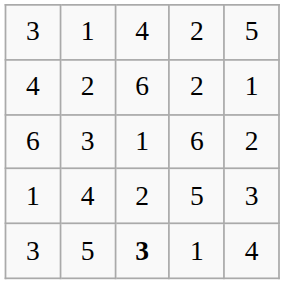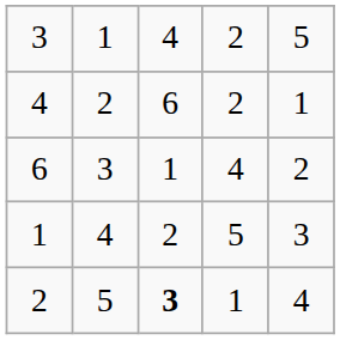 <table class="wikitable" style="margin-left:auto;margin-right:auto;text-align:center;width:10em;height:10em;table-layout:fixed;">
 <tr>
 <td>3</td>
 <td>1</td>
 <td>4</td>
 <td>2</td>
 <td>5</td>
 </tr>
 <tr>
 <td>4</td>
 <td>2</td>
 <td>6</td>
 <td>2</td>
 <td>1</td>
 </tr>
 <tr>
 <td>6</td>
 <td>3</td>
 <td>1</td>
-<td>6</td>
+<td>4</td>
 <td>2</td>
 </tr>
 <tr>
 <td>1</td>
 <td>4</td>
 <td>2</td>
 <td>5</td>
 <td>3</td>
 </tr>
 <tr>
-<td>3</td>
+<td>2</td>
 <td>5</td>
 <td><strong>3</strong></td>
 <td>1</td>
 <td>4</td>
 </tr>
 </table>
